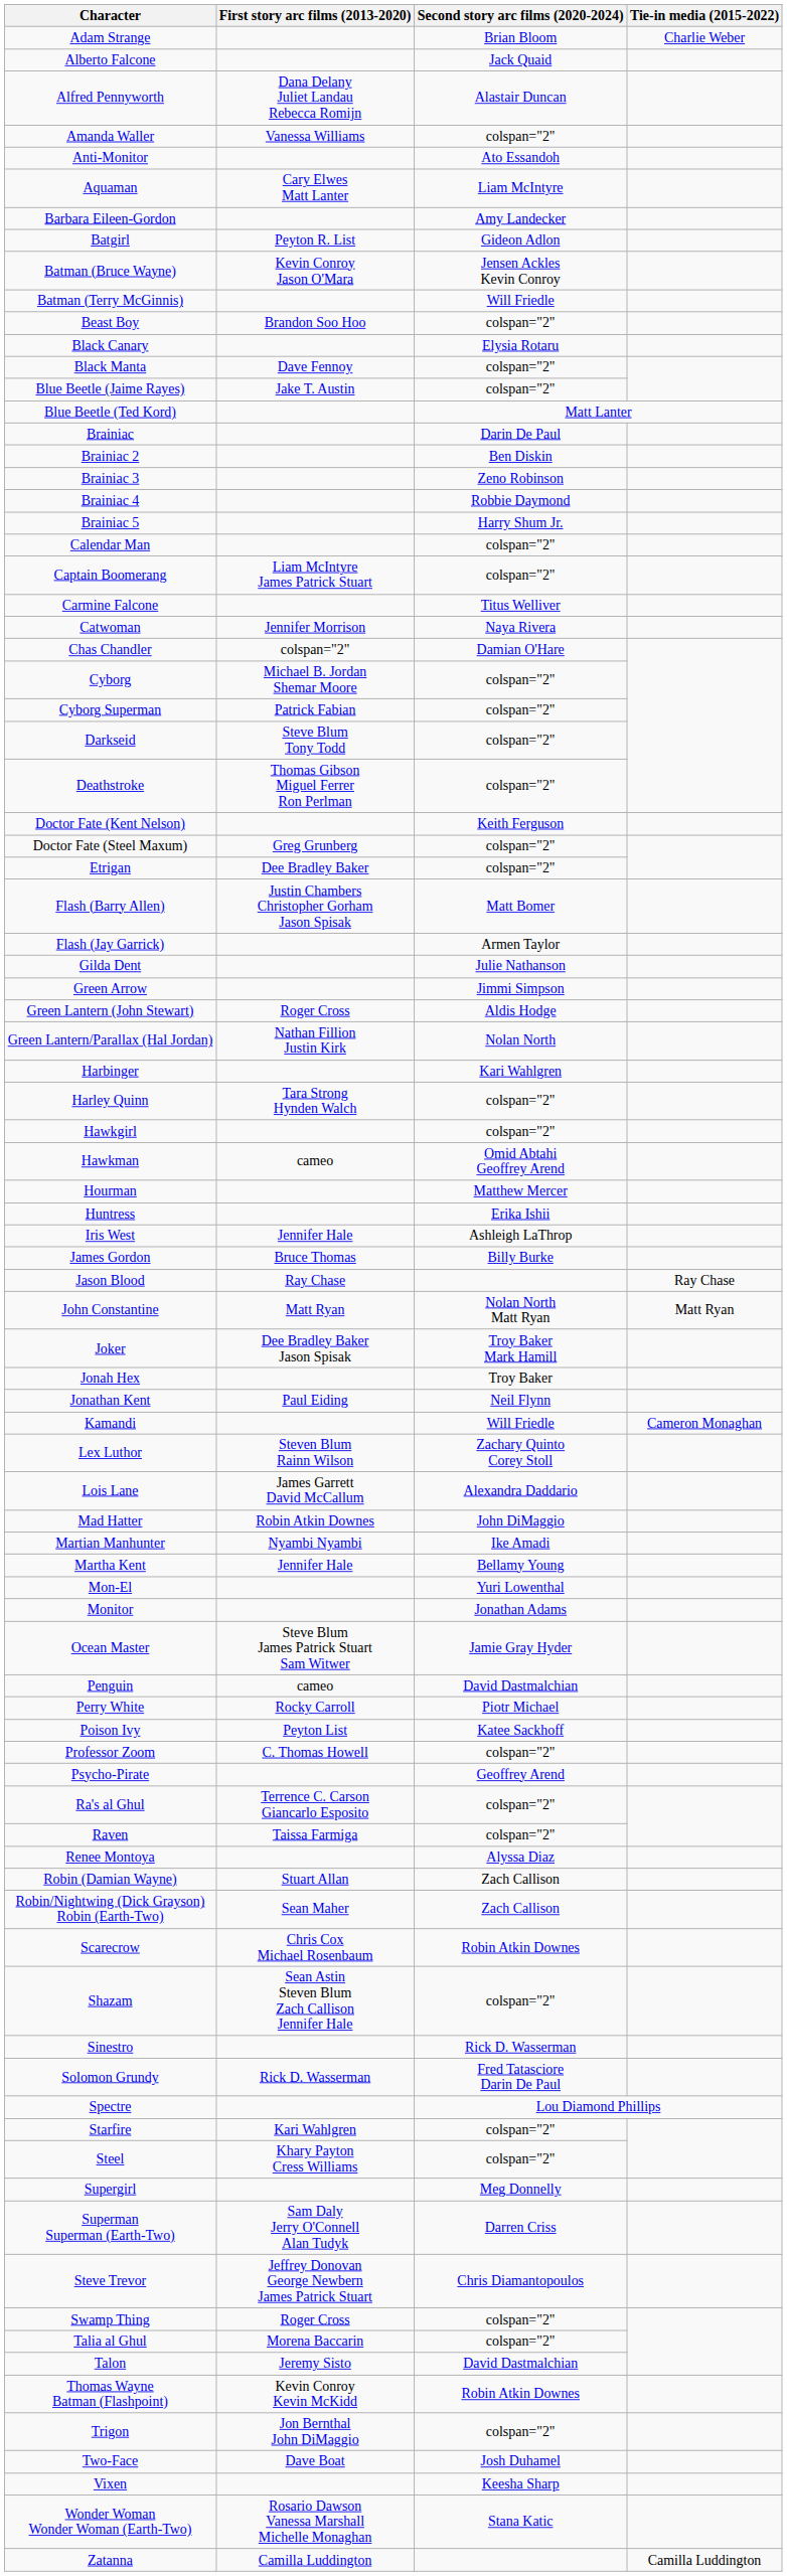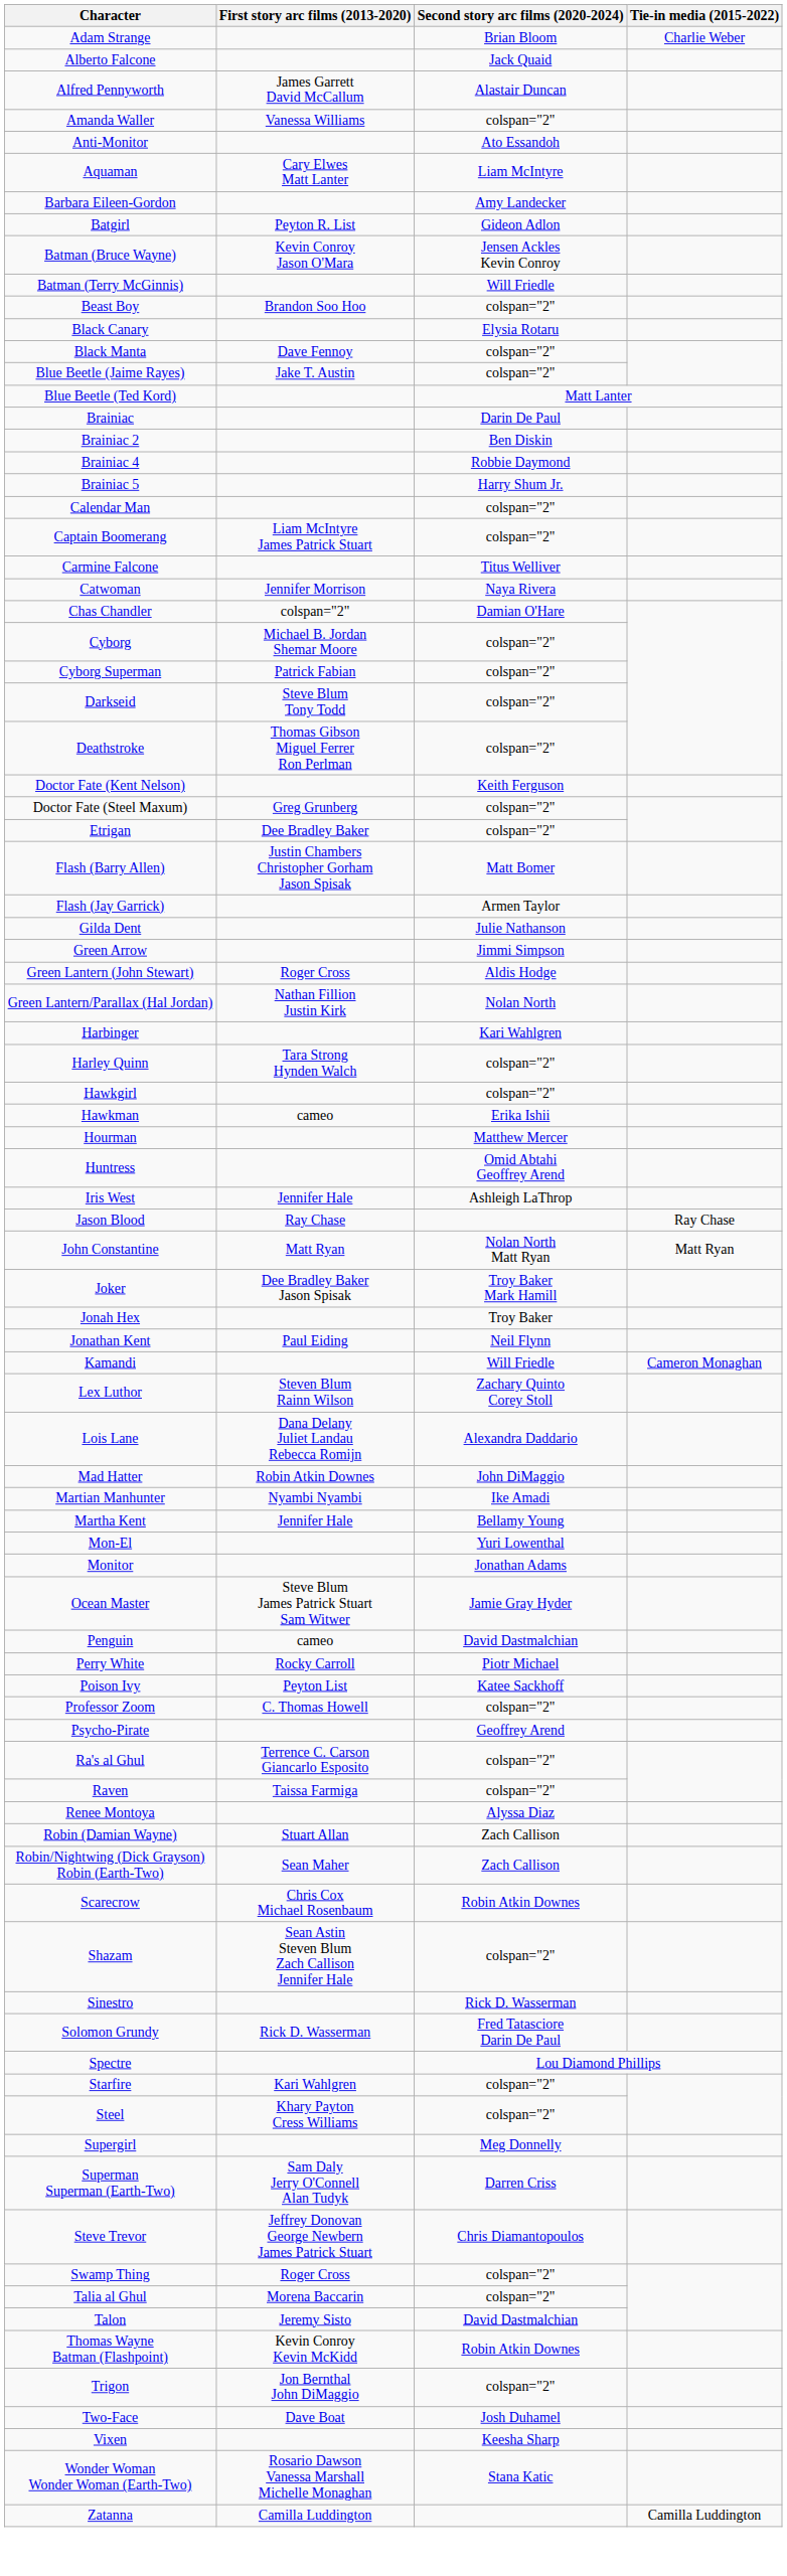 <table class="wikitable" style="text-align:center;">
 <tr>
 <th>Character</th>
 <th>First story arc films (2013-2020)</th>
 <th>Second story arc films (2020-2024)</th>
 <th>Tie-in media (2015-2022)</th>
 </tr>
 <tr>
 <td><a href='#'>Adam Strange</a></td>
 <td></td>
 <td><a href='#'>Brian Bloom</a></td>
 <td><a href='#'>Charlie Weber</a></td>
 </tr>
 <tr>
 <td><a href='#'>Alberto Falcone</a></td>
 <td></td>
 <td><a href='#'>Jack Quaid</a></td>
 <td></td>
 </tr>
 <tr>
 <td><a href='#'>Alfred Pennyworth</a></td>
-<td><a href='#'>Dana Delany</a><br><a href='#'>Juliet Landau</a><br><a href='#'>Rebecca Romijn</a></td>
+<td>James Garrett<br><a href='#'>David McCallum</a></td>
 <td><a href='#'>Alastair Duncan</a></td>
 <td></td>
 </tr>
 <tr>
 <td><a href='#'>Amanda Waller</a></td>
 <td><a href='#'>Vanessa Williams</a></td>
 <td>colspan="2" </td>
 </tr>
 <tr>
 <td><a href='#'>Anti-Monitor</a></td>
 <td></td>
 <td><a href='#'>Ato Essandoh</a></td>
 <td></td>
 </tr>
 <tr>
 <td><a href='#'>Aquaman</a></td>
 <td><a href='#'>Cary Elwes</a><br><a href='#'>Matt Lanter</a></td>
 <td><a href='#'>Liam McIntyre</a></td>
 <td></td>
 </tr>
 <tr>
 <td><a href='#'>Barbara Eileen-Gordon</a></td>
 <td></td>
 <td><a href='#'>Amy Landecker</a></td>
 <td></td>
 </tr>
 <tr>
 <td><a href='#'>Batgirl</a></td>
 <td><a href='#'>Peyton R. List</a></td>
 <td><a href='#'>Gideon Adlon</a></td>
 <td></td>
 </tr>
 <tr>
 <td><a href='#'>Batman (Bruce Wayne)</a></td>
 <td><a href='#'>Kevin Conroy</a><br><a href='#'>Jason O'Mara</a></td>
 <td><a href='#'>Jensen Ackles</a><br>Kevin Conroy</td>
 <td></td>
 </tr>
 <tr>
 <td><a href='#'>Batman (Terry McGinnis)</a></td>
 <td></td>
 <td><a href='#'>Will Friedle</a></td>
 <td></td>
 </tr>
 <tr>
 <td><a href='#'>Beast Boy</a></td>
 <td><a href='#'>Brandon Soo Hoo</a></td>
 <td>colspan="2" </td>
 </tr>
 <tr>
 <td><a href='#'>Black Canary</a></td>
 <td></td>
 <td><a href='#'>Elysia Rotaru</a></td>
 <td></td>
 </tr>
 <tr>
 <td><a href='#'>Black Manta</a></td>
 <td><a href='#'>Dave Fennoy</a></td>
 <td>colspan="2" </td>
 </tr>
 <tr>
 <td><a href='#'>Blue Beetle (Jaime Rayes)</a></td>
 <td><a href='#'>Jake T. Austin</a></td>
 <td>colspan="2" </td>
 </tr>
 <tr>
 <td><a href='#'>Blue Beetle (Ted Kord)</a></td>
 <td></td>
 <td colspan="2"><a href='#'>Matt Lanter</a></td>
 </tr>
 <tr>
 <td><a href='#'>Brainiac</a></td>
 <td></td>
 <td><a href='#'>Darin De Paul</a></td>
 <td></td>
 </tr>
 <tr>
 <td><a href='#'>Brainiac 2</a></td>
 <td></td>
 <td><a href='#'>Ben Diskin</a></td>
-<td></td>
-</tr>
-<tr>
-<td><a href='#'>Brainiac 3</a></td>
-<td></td>
-<td><a href='#'>Zeno Robinson</a></td>
 <td></td>
 </tr>
 <tr>
 <td><a href='#'>Brainiac 4</a></td>
 <td></td>
 <td><a href='#'>Robbie Daymond</a></td>
 <td></td>
 </tr>
 <tr>
 <td><a href='#'>Brainiac 5</a></td>
 <td></td>
 <td><a href='#'>Harry Shum Jr.</a></td>
 <td></td>
 </tr>
 <tr>
 <td><a href='#'>Calendar Man</a></td>
 <td></td>
 <td>colspan="2" </td>
 <td></td>
 </tr>
 <tr>
 <td><a href='#'>Captain Boomerang</a></td>
 <td><a href='#'>Liam McIntyre</a><br><a href='#'>James Patrick Stuart</a></td>
 <td>colspan="2" </td>
 </tr>
 <tr>
 <td><a href='#'>Carmine Falcone</a></td>
 <td></td>
 <td><a href='#'>Titus Welliver</a></td>
 <td></td>
 </tr>
 <tr>
 <td><a href='#'>Catwoman</a></td>
 <td><a href='#'>Jennifer Morrison</a></td>
 <td><a href='#'>Naya Rivera</a></td>
 <td></td>
 </tr>
 <tr>
 <td><a href='#'>Chas Chandler</a></td>
 <td>colspan="2" </td>
 <td><a href='#'>Damian O'Hare</a></td>
 </tr>
 <tr>
 <td><a href='#'>Cyborg</a></td>
 <td><a href='#'>Michael B. Jordan</a><br><a href='#'>Shemar Moore</a></td>
 <td>colspan="2" </td>
 </tr>
 <tr>
 <td><a href='#'>Cyborg Superman</a></td>
 <td><a href='#'>Patrick Fabian</a></td>
 <td>colspan="2" </td>
 </tr>
 <tr>
 <td><a href='#'>Darkseid</a></td>
 <td><a href='#'>Steve Blum</a><br><a href='#'>Tony Todd</a></td>
 <td>colspan="2" </td>
 </tr>
 <tr>
 <td><a href='#'>Deathstroke</a></td>
 <td><a href='#'>Thomas Gibson</a><br><a href='#'>Miguel Ferrer</a><br><a href='#'>Ron Perlman</a></td>
 <td>colspan="2" </td>
 </tr>
 <tr>
 <td><a href='#'>Doctor Fate (Kent Nelson)</a></td>
 <td></td>
 <td><a href='#'>Keith Ferguson</a></td>
 <td></td>
 </tr>
 <tr>
 <td>Doctor Fate (Steel Maxum)</td>
 <td><a href='#'>Greg Grunberg</a></td>
 <td>colspan="2" </td>
 </tr>
 <tr>
 <td><a href='#'>Etrigan</a></td>
 <td><a href='#'>Dee Bradley Baker</a></td>
 <td>colspan="2" </td>
 </tr>
 <tr>
 <td><a href='#'>Flash (Barry Allen)</a></td>
 <td><a href='#'>Justin Chambers</a><br><a href='#'>Christopher Gorham</a><br><a href='#'>Jason Spisak</a></td>
 <td><a href='#'>Matt Bomer</a></td>
 <td></td>
 </tr>
 <tr>
 <td><a href='#'>Flash (Jay Garrick)</a></td>
 <td></td>
 <td>Armen Taylor</td>
 <td></td>
 </tr>
 <tr>
 <td><a href='#'>Gilda Dent</a></td>
 <td></td>
 <td><a href='#'>Julie Nathanson</a></td>
 <td></td>
 </tr>
 <tr>
 <td><a href='#'>Green Arrow</a></td>
 <td></td>
 <td><a href='#'>Jimmi Simpson</a></td>
 <td></td>
 </tr>
 <tr>
 <td><a href='#'>Green Lantern (John Stewart)</a></td>
 <td><a href='#'>Roger Cross</a></td>
 <td><a href='#'>Aldis Hodge</a></td>
 <td></td>
 </tr>
 <tr>
 <td><a href='#'>Green Lantern/Parallax (Hal Jordan)</a></td>
 <td><a href='#'>Nathan Fillion</a><br><a href='#'>Justin Kirk</a></td>
 <td><a href='#'>Nolan North</a></td>
 <td></td>
 </tr>
 <tr>
 <td><a href='#'>Harbinger</a></td>
 <td></td>
 <td><a href='#'>Kari Wahlgren</a></td>
 <td></td>
 </tr>
 <tr>
 <td><a href='#'>Harley Quinn</a></td>
 <td><a href='#'>Tara Strong</a><br><a href='#'>Hynden Walch</a></td>
 <td>colspan="2" </td>
 </tr>
 <tr>
 <td><a href='#'>Hawkgirl</a></td>
 <td></td>
 <td>colspan="2" </td>
 <td></td>
 </tr>
 <tr>
 <td><a href='#'>Hawkman</a></td>
 <td>cameo</td>
-<td><a href='#'>Omid Abtahi</a><br><a href='#'>Geoffrey Arend</a></td>
+<td><a href='#'>Erika Ishii</a></td>
 <td></td>
 </tr>
 <tr>
 <td><a href='#'>Hourman</a></td>
 <td></td>
 <td><a href='#'>Matthew Mercer</a></td>
 <td></td>
 </tr>
 <tr>
 <td><a href='#'>Huntress</a></td>
 <td></td>
-<td><a href='#'>Erika Ishii</a></td>
+<td><a href='#'>Omid Abtahi</a><br><a href='#'>Geoffrey Arend</a></td>
 <td></td>
 </tr>
 <tr>
 <td><a href='#'>Iris West</a></td>
 <td><a href='#'>Jennifer Hale</a></td>
 <td>Ashleigh LaThrop</td>
-<td></td>
-</tr>
-<tr>
-<td><a href='#'>James Gordon</a></td>
-<td><a href='#'>Bruce Thomas</a></td>
-<td><a href='#'>Billy Burke</a></td>
 <td></td>
 </tr>
 <tr>
 <td><a href='#'>Jason Blood</a></td>
 <td><a href='#'>Ray Chase</a></td>
 <td></td>
 <td>Ray Chase</td>
 </tr>
 <tr>
 <td><a href='#'>John Constantine</a></td>
 <td><a href='#'>Matt Ryan</a></td>
 <td><a href='#'>Nolan North</a><br>Matt Ryan</td>
 <td>Matt Ryan</td>
 </tr>
 <tr>
 <td><a href='#'>Joker</a></td>
 <td><a href='#'>Dee Bradley Baker</a><br>Jason Spisak</td>
 <td><a href='#'>Troy Baker</a><br><a href='#'>Mark Hamill</a></td>
 <td></td>
 </tr>
 <tr>
 <td><a href='#'>Jonah Hex</a></td>
 <td></td>
 <td>Troy Baker</td>
 <td></td>
 </tr>
 <tr>
 <td><a href='#'>Jonathan Kent</a></td>
 <td><a href='#'>Paul Eiding</a></td>
 <td><a href='#'>Neil Flynn</a></td>
 <td></td>
 </tr>
 <tr>
 <td><a href='#'>Kamandi</a></td>
 <td></td>
 <td><a href='#'>Will Friedle</a></td>
 <td><a href='#'>Cameron Monaghan</a></td>
 </tr>
 <tr>
 <td><a href='#'>Lex Luthor</a></td>
 <td><a href='#'>Steven Blum</a><br><a href='#'>Rainn Wilson</a></td>
 <td><a href='#'>Zachary Quinto</a><br><a href='#'>Corey Stoll</a></td>
 <td></td>
 </tr>
 <tr>
 <td><a href='#'>Lois Lane</a></td>
-<td>James Garrett<br><a href='#'>David McCallum</a></td>
+<td><a href='#'>Dana Delany</a><br><a href='#'>Juliet Landau</a><br><a href='#'>Rebecca Romijn</a></td>
 <td><a href='#'>Alexandra Daddario</a></td>
 <td></td>
 </tr>
 <tr>
 <td><a href='#'>Mad Hatter</a></td>
 <td><a href='#'>Robin Atkin Downes</a></td>
 <td><a href='#'>John DiMaggio</a></td>
 <td></td>
 </tr>
 <tr>
 <td><a href='#'>Martian Manhunter</a></td>
 <td><a href='#'>Nyambi Nyambi</a></td>
 <td><a href='#'>Ike Amadi</a></td>
 <td></td>
 </tr>
 <tr>
 <td><a href='#'>Martha Kent</a></td>
 <td><a href='#'>Jennifer Hale</a></td>
 <td><a href='#'>Bellamy Young</a></td>
 <td></td>
 </tr>
 <tr>
 <td><a href='#'>Mon-El</a></td>
 <td></td>
 <td><a href='#'>Yuri Lowenthal</a></td>
 <td></td>
 </tr>
 <tr>
 <td><a href='#'>Monitor</a></td>
 <td></td>
 <td><a href='#'>Jonathan Adams</a></td>
 <td></td>
 </tr>
 <tr>
 <td><a href='#'>Ocean Master</a></td>
 <td>Steve Blum<br>James Patrick Stuart<br><a href='#'>Sam Witwer</a></td>
 <td><a href='#'>Jamie Gray Hyder</a></td>
 </tr>
 <tr>
 <td><a href='#'>Penguin</a></td>
 <td>cameo</td>
 <td><a href='#'>David Dastmalchian</a></td>
 <td></td>
 </tr>
 <tr>
 <td><a href='#'>Perry White</a></td>
 <td><a href='#'>Rocky Carroll</a></td>
 <td><a href='#'>Piotr Michael</a></td>
 <td></td>
 </tr>
 <tr>
 <td><a href='#'>Poison Ivy</a></td>
 <td><a href='#'>Peyton List</a></td>
 <td><a href='#'>Katee Sackhoff</a></td>
 <td></td>
 </tr>
 <tr>
 <td><a href='#'>Professor Zoom</a></td>
 <td><a href='#'>C. Thomas Howell</a></td>
 <td>colspan="2" </td>
 </tr>
 <tr>
 <td><a href='#'>Psycho-Pirate</a></td>
 <td></td>
 <td><a href='#'>Geoffrey Arend</a></td>
 <td></td>
 </tr>
 <tr>
 <td><a href='#'>Ra's al Ghul</a></td>
 <td><a href='#'>Terrence C. Carson</a><br><a href='#'>Giancarlo Esposito</a></td>
 <td>colspan="2" </td>
 </tr>
 <tr>
 <td><a href='#'>Raven</a></td>
 <td><a href='#'>Taissa Farmiga</a></td>
 <td>colspan="2" </td>
 </tr>
 <tr>
 <td><a href='#'>Renee Montoya</a></td>
 <td></td>
 <td><a href='#'>Alyssa Diaz</a></td>
 <td></td>
 </tr>
 <tr>
 <td><a href='#'>Robin (Damian Wayne)</a></td>
 <td><a href='#'>Stuart Allan</a></td>
 <td>Zach Callison</td>
 <td></td>
 </tr>
 <tr>
 <td><a href='#'>Robin/Nightwing (Dick Grayson)</a><br><a href='#'>Robin (Earth-Two)</a></td>
 <td><a href='#'>Sean Maher</a></td>
 <td><a href='#'>Zach Callison</a></td>
 <td></td>
 </tr>
 <tr>
 <td><a href='#'>Scarecrow</a></td>
 <td><a href='#'>Chris Cox</a><br><a href='#'>Michael Rosenbaum</a></td>
 <td><a href='#'>Robin Atkin Downes</a></td>
 <td></td>
 </tr>
 <tr>
 <td><a href='#'>Shazam</a></td>
 <td><a href='#'>Sean Astin</a><br>Steven Blum<br><a href='#'>Zach Callison</a><br><a href='#'>Jennifer Hale</a></td>
 <td>colspan="2" </td>
 </tr>
 <tr>
 <td><a href='#'>Sinestro</a></td>
 <td></td>
 <td><a href='#'>Rick D. Wasserman</a></td>
 <td></td>
 </tr>
 <tr>
 <td><a href='#'>Solomon Grundy</a></td>
 <td><a href='#'>Rick D. Wasserman</a></td>
 <td><a href='#'>Fred Tatasciore</a><br><a href='#'>Darin De Paul</a></td>
 <td></td>
 </tr>
 <tr>
 <td><a href='#'>Spectre</a></td>
 <td></td>
 <td colspan="2"><a href='#'>Lou Diamond Phillips</a></td>
 </tr>
 <tr>
 <td><a href='#'>Starfire</a></td>
 <td><a href='#'>Kari Wahlgren</a></td>
 <td>colspan="2" </td>
 </tr>
 <tr>
 <td><a href='#'>Steel</a></td>
 <td><a href='#'>Khary Payton</a><br><a href='#'>Cress Williams</a></td>
 <td>colspan="2" </td>
 </tr>
 <tr>
 <td><a href='#'>Supergirl</a></td>
 <td></td>
 <td><a href='#'>Meg Donnelly</a></td>
 <td></td>
 </tr>
 <tr>
 <td><a href='#'>Superman</a><br><a href='#'>Superman (Earth-Two)</a></td>
 <td><a href='#'>Sam Daly</a><br><a href='#'>Jerry O'Connell</a><br><a href='#'>Alan Tudyk</a></td>
 <td><a href='#'>Darren Criss</a></td>
 <td></td>
 </tr>
 <tr>
 <td><a href='#'>Steve Trevor</a></td>
 <td><a href='#'>Jeffrey Donovan</a><br><a href='#'>George Newbern</a><br><a href='#'>James Patrick Stuart</a></td>
 <td><a href='#'>Chris Diamantopoulos</a></td>
 <td></td>
 </tr>
 <tr>
 <td><a href='#'>Swamp Thing</a></td>
 <td><a href='#'>Roger Cross</a></td>
 <td>colspan="2" </td>
 </tr>
 <tr>
 <td><a href='#'>Talia al Ghul</a></td>
 <td><a href='#'>Morena Baccarin</a></td>
 <td>colspan="2" </td>
 </tr>
 <tr>
 <td><a href='#'>Talon</a></td>
 <td><a href='#'>Jeremy Sisto</a></td>
 <td><a href='#'>David Dastmalchian</a></td>
 </tr>
 <tr>
 <td><a href='#'>Thomas Wayne</a><br><a href='#'>Batman (Flashpoint)</a></td>
 <td>Kevin Conroy<br><a href='#'>Kevin McKidd</a></td>
 <td><a href='#'>Robin Atkin Downes</a></td>
 <td></td>
 </tr>
 <tr>
 <td><a href='#'>Trigon</a></td>
 <td><a href='#'>Jon Bernthal</a><br><a href='#'>John DiMaggio</a></td>
 <td>colspan="2" </td>
 </tr>
 <tr>
 <td><a href='#'>Two-Face</a></td>
 <td><a href='#'>Dave Boat</a></td>
 <td><a href='#'>Josh Duhamel</a></td>
 <td></td>
 </tr>
 <tr>
 <td><a href='#'>Vixen</a></td>
 <td></td>
 <td><a href='#'>Keesha Sharp</a></td>
 <td></td>
 </tr>
 <tr>
 <td><a href='#'>Wonder Woman</a><br><a href='#'>Wonder Woman (Earth-Two)</a></td>
 <td><a href='#'>Rosario Dawson</a><br><a href='#'>Vanessa Marshall</a><br><a href='#'>Michelle Monaghan</a></td>
 <td><a href='#'>Stana Katic</a></td>
 <td></td>
 </tr>
 <tr>
 <td><a href='#'>Zatanna</a></td>
 <td><a href='#'>Camilla Luddington</a></td>
 <td></td>
 <td>Camilla Luddington</td>
 </tr>
 </table>
